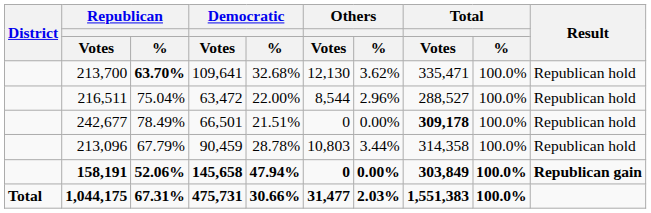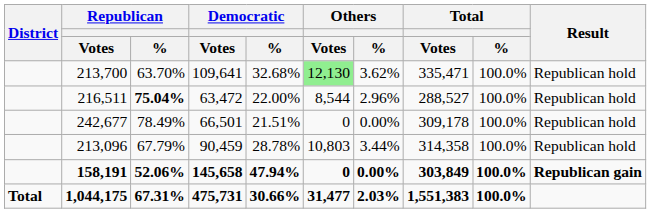 <table class="wikitable plainrowheaders sortable" style="font-size:100%; text-align:right;">
 <tr>
 <th scope=col rowspan=3><a href='#'>District</a></th>
 <th scope=col colspan=2><a href='#'>Republican</a></th>
 <th scope=col colspan=2><a href='#'>Democratic</a></th>
 <th scope=col colspan=2>Others</th>
 <th scope=col colspan=2>Total</th>
 <th scope=col rowspan=3>Result</th>
 </tr>
 <tr>
 <th scope=col colspan=2 style="background:"></th>
 <th scope=col colspan=2 style="background:"></th>
 <th scope=col colspan=2></th>
 <th scope=col colspan=2></th>
 </tr>
 <tr>
 <th scope=col data-sort-type="number">Votes</th>
 <th scope=col data-sort-type="number">%</th>
 <th scope=col data-sort-type="number">Votes</th>
 <th scope=col data-sort-type="number">%</th>
 <th scope=col data-sort-type="number">Votes</th>
 <th scope=col data-sort-type="number">%</th>
 <th scope=col data-sort-type="number">Votes</th>
 <th scope=col data-sort-type="number">%</th>
 </tr>
 <tr>
 <td align=left></td>
 <td>213,700</td>
-<td><strong>63.70%</strong></td>
+<td>63.70%</td>
 <td>109,641</td>
 <td>32.68%</td>
-<td>12,130</td>
+<td style="background: lightgreen;">12,130</td>
 <td>3.62%</td>
 <td>335,471</td>
 <td>100.0%</td>
 <td align=left>Republican hold</td>
 </tr>
 <tr>
 <td align=left></td>
 <td>216,511</td>
-<td>75.04%</td>
+<td><strong>75.04%</strong></td>
 <td>63,472</td>
 <td>22.00%</td>
 <td>8,544</td>
 <td>2.96%</td>
 <td>288,527</td>
 <td>100.0%</td>
 <td align=left>Republican hold</td>
 </tr>
 <tr>
 <td align=left></td>
 <td>242,677</td>
 <td>78.49%</td>
 <td>66,501</td>
 <td>21.51%</td>
 <td>0</td>
 <td>0.00%</td>
-<td><strong>309,178</strong></td>
+<td>309,178</td>
 <td>100.0%</td>
 <td align=left>Republican hold</td>
 </tr>
 <tr>
 <td align=left></td>
 <td>213,096</td>
 <td>67.79%</td>
 <td>90,459</td>
 <td>28.78%</td>
 <td>10,803</td>
 <td>3.44%</td>
 <td>314,358</td>
 <td>100.0%</td>
 <td align=left>Republican hold</td>
 </tr>
 <tr>
 <td align=left><strong></strong></td>
 <td><strong>158,191</strong></td>
 <td><strong>52.06%</strong></td>
 <td><strong>145,658</strong></td>
 <td><strong>47.94%</strong></td>
 <td><strong>0</strong></td>
 <td><strong>0.00%</strong></td>
 <td><strong>303,849</strong></td>
 <td><strong>100.0%</strong></td>
 <td align=left><strong>Republican gain</strong></td>
 </tr>
 <tr class="sortbottom" style="font-weight:bold">
 <td align=left>Total</td>
 <td>1,044,175</td>
 <td>67.31%</td>
 <td>475,731</td>
 <td>30.66%</td>
 <td>31,477</td>
 <td>2.03%</td>
 <td>1,551,383</td>
 <td>100.0%</td>
 <td></td>
 </tr>
 </table>
